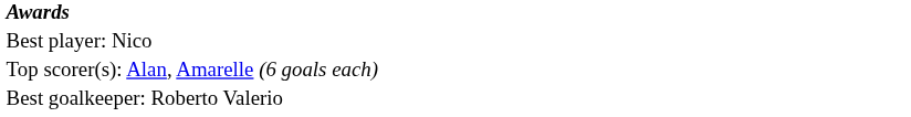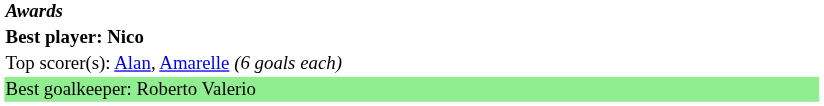 <table width=100% cellspacing=1 style="font-size: 90%;">
 <tr>
 <td><strong><em>Awards</em></strong></td>
 </tr>
 <tr>
-<td>Best player:  Nico</td>
+<td><strong>Best player:  Nico</strong></td>
 </tr>
 <tr>
 <td colspan=4>Top scorer(s):  <a href='#'>Alan</a>,  <a href='#'>Amarelle</a> <em>(6 goals each)</em></td>
 </tr>
 <tr>
-<td>Best goalkeeper:  Roberto Valerio</td>
+<td style="background: lightgreen;">Best goalkeeper:  Roberto Valerio</td>
 </tr>
 </table>
